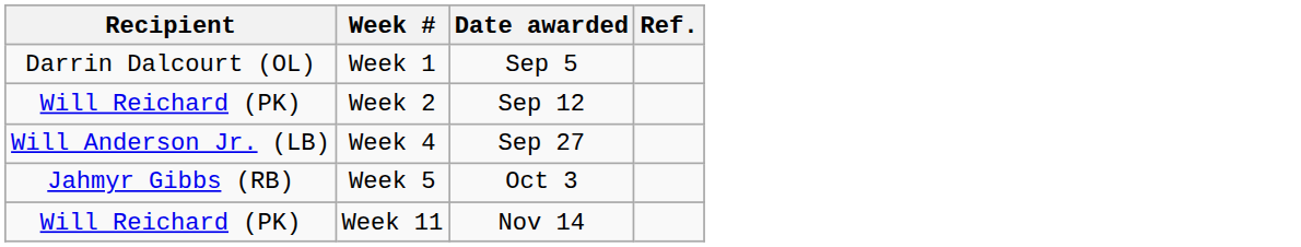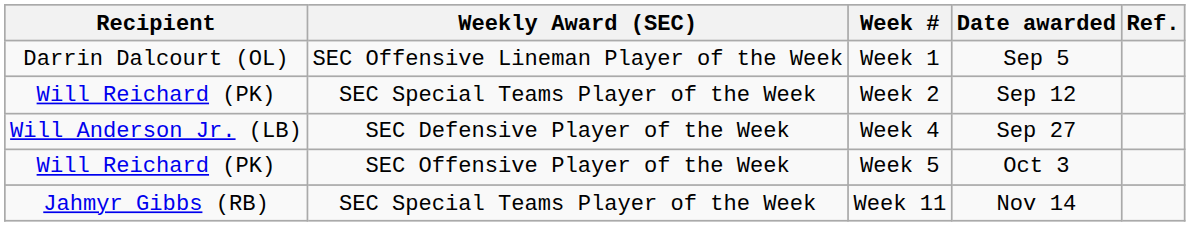 <table class="wikitable sortable" style="text-align:center">
 <tr>
 <th>Recipient</th>
+<th>Weekly Award (SEC)</th>
 <th>Week #</th>
 <th>Date awarded</th>
 <th>Ref.</th>
 </tr>
 <tr>
 <td>Darrin Dalcourt (OL)</td>
+<td>SEC Offensive Lineman Player of the Week</td>
 <td>Week 1</td>
 <td>Sep 5</td>
 <td></td>
 </tr>
 <tr>
 <td><a href='#'>Will Reichard</a> (PK)</td>
+<td>SEC Special Teams Player of the Week</td>
 <td>Week 2</td>
 <td>Sep 12</td>
 <td></td>
 </tr>
 <tr>
 <td><a href='#'>Will Anderson Jr.</a> (LB)</td>
+<td>SEC Defensive Player of the Week</td>
 <td>Week 4</td>
 <td>Sep 27</td>
 <td></td>
 </tr>
 <tr>
-<td><a href='#'>Jahmyr Gibbs</a> (RB)</td>
+<td><a href='#'>Will Reichard</a> (PK)</td>
+<td>SEC Offensive Player of the Week</td>
 <td>Week 5</td>
 <td>Oct 3</td>
 <td></td>
 </tr>
 <tr>
-<td><a href='#'>Will Reichard</a> (PK)</td>
+<td><a href='#'>Jahmyr Gibbs</a> (RB)</td>
+<td>SEC Special Teams Player of the Week</td>
 <td>Week 11</td>
 <td>Nov 14</td>
 <td></td>
 </tr>
 </table>
